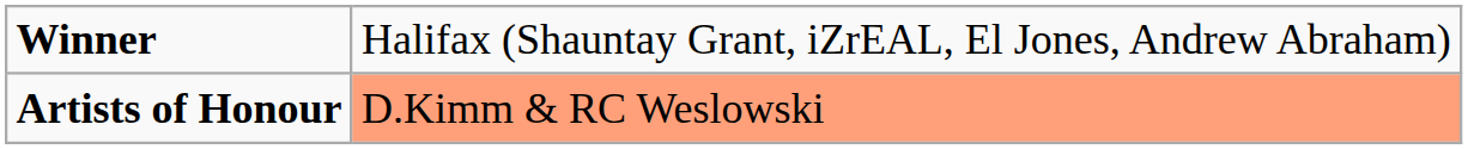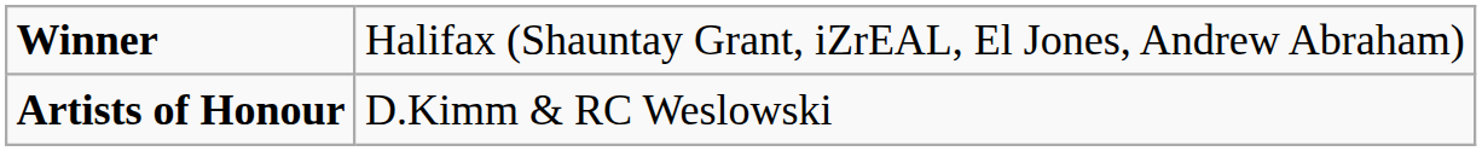 <table class="wikitable">
 <tr>
 <td><strong>Winner</strong></td>
 <td>Halifax (Shauntay Grant, iZrEAL, El Jones, Andrew Abraham)</td>
 </tr>
 <tr>
 <td><strong>Artists of Honour</strong></td>
-<td style="background: lightsalmon;">D.Kimm & RC Weslowski</td>
+<td>D.Kimm & RC Weslowski</td>
 </tr>
 </table>
